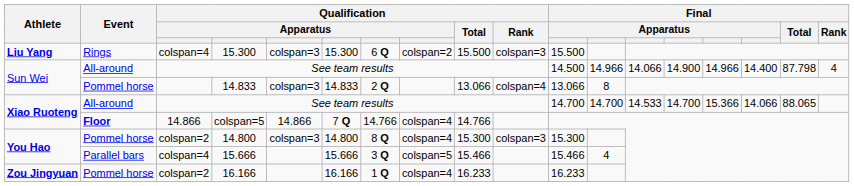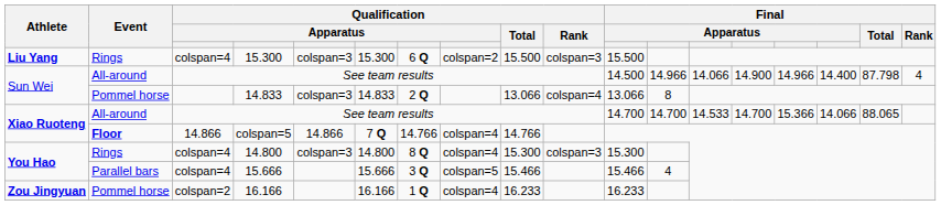 <table class=wikitable style=font-size:90%;text-align:center>
 <tr>
 <th rowspan=3>Athlete</th>
 <th rowspan=3>Event</th>
 <th colspan =8>Qualification</th>
 <th colspan =8>Final</th>
 </tr>
 <tr style=font-size:95%>
 <th colspan=6>Apparatus</th>
 <th rowspan=2>Total</th>
 <th rowspan=2>Rank</th>
 <th colspan=6>Apparatus</th>
 <th rowspan=2>Total</th>
 <th rowspan=2>Rank</th>
 </tr>
 <tr style=font-size:95%>
 <th></th>
 <th></th>
 <th></th>
 <th></th>
 <th></th>
 <th></th>
 <th></th>
 <th></th>
 <th></th>
 <th></th>
 <th></th>
 <th></th>
 </tr>
 <tr>
 <td align=left><strong><a href='#'>Liu Yang</a></strong></td>
 <td align=left><a href='#'>Rings</a></td>
 <td>colspan=4 </td>
 <td>15.300</td>
 <td>colspan=3 </td>
 <td>15.300</td>
 <td>6 <strong>Q</strong></td>
 <td>colspan=2 </td>
 <td>15.500</td>
 <td>colspan=3 </td>
 <td>15.500</td>
 <td></td>
 </tr>
 <tr align=center>
 <td align=left rowspan=2><a href='#'>Sun Wei</a></td>
 <td align=left><a href='#'>All-around</a></td>
 <td colspan=8><em>See team results</em></td>
 <td>14.500</td>
 <td>14.966</td>
 <td>14.066</td>
 <td>14.900</td>
 <td>14.966</td>
 <td>14.400</td>
 <td>87.798</td>
 <td>4</td>
 </tr>
 <tr align=center>
 <td align=left><a href='#'>Pommel horse</a></td>
 <td></td>
 <td>14.833</td>
 <td>colspan=3 </td>
 <td>14.833</td>
 <td>2 <strong>Q</strong></td>
 <td></td>
 <td>13.066</td>
 <td>colspan=4 </td>
 <td>13.066</td>
 <td>8</td>
 </tr>
 <tr align=center>
 <td align=left rowspan=2><strong><a href='#'>Xiao Ruoteng</a></strong></td>
 <td align=left><a href='#'>All-around</a></td>
 <td colspan=8><em>See team results</em></td>
 <td>14.700</td>
 <td>14.700</td>
 <td>14.533</td>
 <td>14.700</td>
 <td>15.366</td>
 <td>14.066</td>
 <td>88.065</td>
 <td></td>
 </tr>
 <tr align=center>
 <td align=left><strong><a href='#'>Floor</a></strong></td>
 <td>14.866</td>
 <td>colspan=5 </td>
 <td>14.866</td>
 <td>7 <strong>Q</strong></td>
 <td>14.766</td>
 <td>colspan=4 </td>
 <td>14.766</td>
 <td></td>
 </tr>
 <tr align=center>
 <td align=left rowspan=2><strong><a href='#'>You Hao</a></strong></td>
-<td align=left><a href='#'>Pommel horse</a></td>
-<td>colspan=2 </td>
+<td align=left><a href='#'>Rings</a></td>
+<td>colspan=4 </td>
 <td>14.800</td>
 <td>colspan=3 </td>
 <td>14.800</td>
 <td>8 <strong>Q</strong></td>
 <td>colspan=4 </td>
 <td>15.300</td>
 <td>colspan=3 </td>
 <td>15.300</td>
 <td></td>
 </tr>
 <tr align=center>
 <td align=left><a href='#'>Parallel bars</a></td>
 <td>colspan=4 </td>
 <td>15.666</td>
 <td></td>
 <td>15.666</td>
 <td>3 <strong>Q</strong></td>
 <td>colspan=5 </td>
 <td>15.466</td>
 <td></td>
 <td>15.466</td>
 <td>4</td>
 </tr>
 <tr align=center>
 <td align=left><strong><a href='#'>Zou Jingyuan</a></strong></td>
 <td align=left><a href='#'>Pommel horse</a></td>
 <td>colspan=2 </td>
 <td>16.166</td>
 <td></td>
 <td>16.166</td>
 <td>1 <strong>Q</strong></td>
 <td>colspan=4 </td>
 <td>16.233</td>
 <td></td>
 <td>16.233</td>
 <td></td>
 </tr>
 </table>
